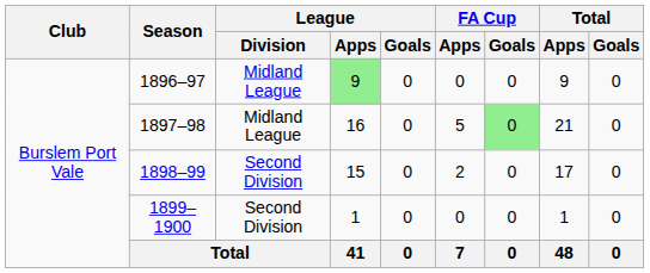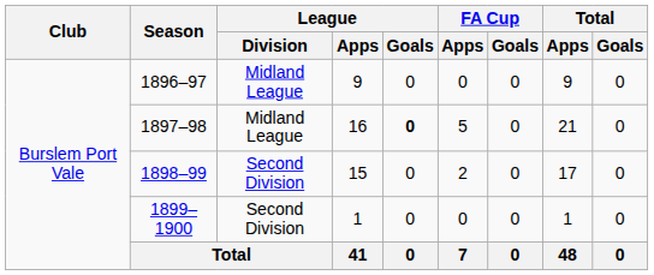 <table class="wikitable" style="text-align:center">
 <tr>
 <th rowspan="2">Club</th>
 <th rowspan="2">Season</th>
 <th colspan="3">League</th>
 <th colspan="2"><a href='#'>FA Cup</a></th>
 <th colspan="2">Total</th>
 </tr>
 <tr>
 <th>Division</th>
 <th>Apps</th>
 <th>Goals</th>
 <th>Apps</th>
 <th>Goals</th>
 <th>Apps</th>
 <th>Goals</th>
 </tr>
 <tr>
 <td rowspan="5"><a href='#'>Burslem Port Vale</a></td>
 <td>1896–97</td>
 <td><a href='#'>Midland League</a></td>
-<td style="background: lightgreen;">9</td>
+<td>9</td>
 <td>0</td>
 <td>0</td>
 <td>0</td>
 <td>9</td>
 <td>0</td>
 </tr>
 <tr>
 <td>1897–98</td>
 <td>Midland League</td>
 <td>16</td>
+<td><strong>0</strong></td>
+<td>5</td>
 <td>0</td>
-<td>5</td>
-<td style="background: lightgreen;">0</td>
 <td>21</td>
 <td>0</td>
 </tr>
 <tr>
 <td><a href='#'>1898–99</a></td>
 <td><a href='#'>Second Division</a></td>
 <td>15</td>
 <td>0</td>
 <td>2</td>
 <td>0</td>
 <td>17</td>
 <td>0</td>
 </tr>
 <tr>
 <td><a href='#'>1899–1900</a></td>
 <td>Second Division</td>
 <td>1</td>
 <td>0</td>
 <td>0</td>
 <td>0</td>
 <td>1</td>
 <td>0</td>
 </tr>
 <tr>
 <th colspan="2">Total</th>
 <th>41</th>
 <th>0</th>
 <th>7</th>
 <th>0</th>
 <th>48</th>
 <th>0</th>
 </tr>
 </table>
